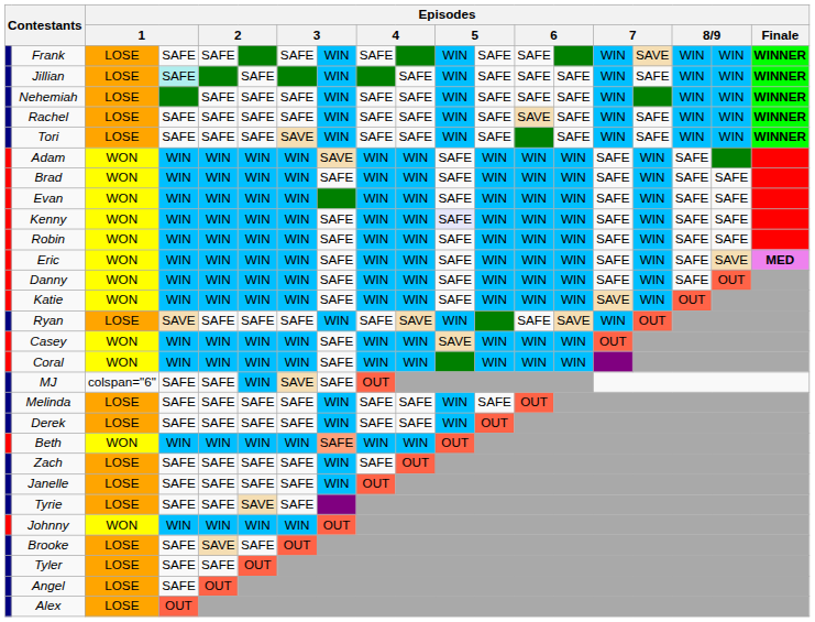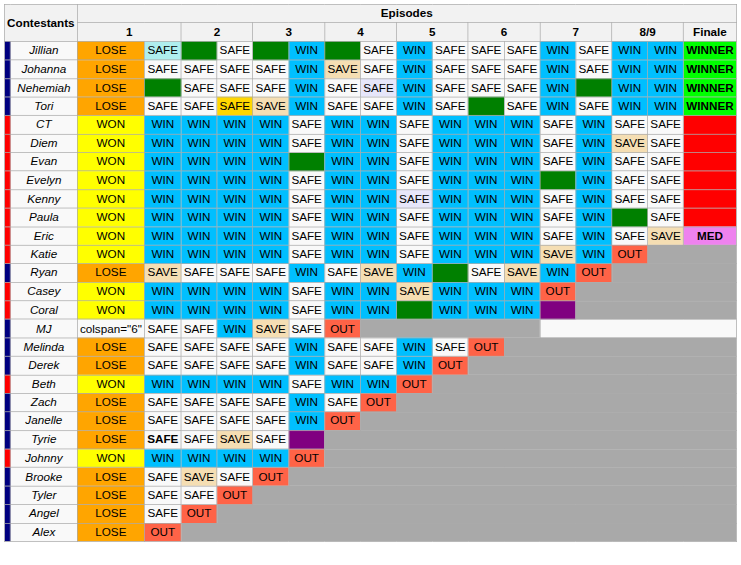 <table class="wikitable" style="text-align:center; font-size:100%;">
 <tr>
 <th rowspan=2 colspan=2>Contestants</th>
 <th colspan=17>Episodes</th>
 </tr>
 <tr>
 <th colspan=2>1</th>
 <th colspan=2>2</th>
 <th colspan=2>3</th>
 <th colspan=2>4</th>
 <th colspan=2>5</th>
 <th colspan=2>6</th>
 <th colspan=2>7</th>
 <th colspan=2>8/9</th>
 <th>Finale</th>
-</tr>
-<tr>
-<td bgcolor="navy"></td>
-<td><em>Frank</em></td>
-<td bgcolor="orange">LOSE</td>
-<td>SAFE</td>
-<td>SAFE</td>
-<td bgcolor="green"></td>
-<td>SAFE</td>
-<td bgcolor="deepskyblue">WIN</td>
-<td>SAFE</td>
-<td bgcolor="green"></td>
-<td bgcolor="deepskyblue">WIN</td>
-<td>SAFE</td>
-<td>SAFE</td>
-<td bgcolor="green"></td>
-<td bgcolor="deepskyblue">WIN</td>
-<td bgcolor="wheat">SAVE</td>
-<td bgcolor="deepskyblue">WIN</td>
-<td bgcolor="deepskyblue">WIN</td>
-<td bgcolor="lime"><strong>WINNER</strong></td>
 </tr>
 <tr>
 <td bgcolor="navy"></td>
 <td><em>Jillian</em></td>
 <td bgcolor="orange">LOSE</td>
 <td style="background: paleturquoise;">SAFE</td>
 <td bgcolor="green"></td>
 <td>SAFE</td>
 <td bgcolor="green"></td>
 <td bgcolor="deepskyblue">WIN</td>
 <td bgcolor="green"></td>
 <td>SAFE</td>
 <td bgcolor="deepskyblue">WIN</td>
 <td>SAFE</td>
 <td>SAFE</td>
 <td>SAFE</td>
 <td bgcolor="deepskyblue">WIN</td>
 <td>SAFE</td>
 <td bgcolor="deepskyblue">WIN</td>
 <td bgcolor="deepskyblue">WIN</td>
 <td bgcolor="lime"><strong>WINNER</strong></td>
 </tr>
 <tr>
 <td bgcolor="navy"></td>
+<td><em>Johanna</em></td>
+<td bgcolor="orange">LOSE</td>
+<td>SAFE</td>
+<td>SAFE</td>
+<td>SAFE</td>
+<td>SAFE</td>
+<td bgcolor="deepskyblue">WIN</td>
+<td bgcolor="wheat">SAVE</td>
+<td>SAFE</td>
+<td bgcolor="deepskyblue">WIN</td>
+<td>SAFE</td>
+<td>SAFE</td>
+<td>SAFE</td>
+<td bgcolor="deepskyblue">WIN</td>
+<td>SAFE</td>
+<td bgcolor="deepskyblue">WIN</td>
+<td bgcolor="deepskyblue">WIN</td>
+<td bgcolor="lime"><strong>WINNER</strong></td>
+</tr>
+<tr>
+<td bgcolor="navy"></td>
 <td><em>Nehemiah</em></td>
 <td bgcolor="orange">LOSE</td>
 <td bgcolor="green"></td>
 <td>SAFE</td>
 <td>SAFE</td>
 <td>SAFE</td>
 <td bgcolor="deepskyblue">WIN</td>
 <td>SAFE</td>
-<td>SAFE</td>
+<td style="background: lavender;">SAFE</td>
 <td bgcolor="deepskyblue">WIN</td>
 <td>SAFE</td>
 <td>SAFE</td>
 <td>SAFE</td>
 <td bgcolor="deepskyblue">WIN</td>
 <td bgcolor="green"></td>
 <td bgcolor="deepskyblue">WIN</td>
 <td bgcolor="deepskyblue">WIN</td>
 <td bgcolor="lime"><strong>WINNER</strong></td>
 </tr>
 <tr>
 <td bgcolor="navy"></td>
-<td><em>Rachel</em></td>
-<td bgcolor="orange">LOSE</td>
-<td>SAFE</td>
-<td>SAFE</td>
-<td>SAFE</td>
-<td>SAFE</td>
-<td bgcolor="deepskyblue">WIN</td>
-<td>SAFE</td>
-<td>SAFE</td>
-<td bgcolor="deepskyblue">WIN</td>
-<td>SAFE</td>
-<td bgcolor="wheat">SAVE</td>
-<td>SAFE</td>
-<td bgcolor="deepskyblue">WIN</td>
-<td>SAFE</td>
-<td bgcolor="deepskyblue">WIN</td>
-<td bgcolor="deepskyblue">WIN</td>
-<td bgcolor="lime"><strong>WINNER</strong></td>
-</tr>
-<tr>
-<td bgcolor="navy"></td>
 <td><em>Tori</em></td>
 <td bgcolor="orange">LOSE</td>
 <td>SAFE</td>
 <td>SAFE</td>
-<td>SAFE</td>
+<td style="background: gold;">SAFE</td>
 <td bgcolor="wheat">SAVE</td>
 <td bgcolor="deepskyblue">WIN</td>
 <td>SAFE</td>
 <td>SAFE</td>
 <td bgcolor="deepskyblue">WIN</td>
 <td>SAFE</td>
 <td bgcolor="green"></td>
 <td>SAFE</td>
 <td bgcolor="deepskyblue">WIN</td>
 <td>SAFE</td>
 <td bgcolor="deepskyblue">WIN</td>
 <td bgcolor="deepskyblue">WIN</td>
 <td bgcolor="lime"><strong>WINNER</strong></td>
 </tr>
 <tr>
 <td bgcolor="red"></td>
-<td><em>Adam</em></td>
-<td bgcolor="yellow">WON</td>
-<td bgcolor="deepskyblue">WIN</td>
-<td bgcolor="deepskyblue">WIN</td>
-<td bgcolor="deepskyblue">WIN</td>
-<td bgcolor="deepskyblue">WIN</td>
-<td bgcolor="wheat">SAVE</td>
-<td bgcolor="deepskyblue">WIN</td>
-<td bgcolor="deepskyblue">WIN</td>
-<td>SAFE</td>
-<td bgcolor="deepskyblue">WIN</td>
-<td bgcolor="deepskyblue">WIN</td>
-<td bgcolor="deepskyblue">WIN</td>
-<td>SAFE</td>
-<td bgcolor="deepskyblue">WIN</td>
-<td>SAFE</td>
-<td bgcolor="green"></td>
-<td bgcolor="red"><strong></strong></td>
-</tr>
-<tr>
-<td bgcolor="red"></td>
-<td><em>Brad</em></td>
+<td><em>CT</em></td>
 <td bgcolor="yellow">WON</td>
 <td bgcolor="deepskyblue">WIN</td>
 <td bgcolor="deepskyblue">WIN</td>
 <td bgcolor="deepskyblue">WIN</td>
 <td bgcolor="deepskyblue">WIN</td>
 <td>SAFE</td>
 <td bgcolor="deepskyblue">WIN</td>
 <td bgcolor="deepskyblue">WIN</td>
 <td>SAFE</td>
 <td bgcolor="deepskyblue">WIN</td>
 <td bgcolor="deepskyblue">WIN</td>
 <td bgcolor="deepskyblue">WIN</td>
 <td>SAFE</td>
 <td bgcolor="deepskyblue">WIN</td>
 <td>SAFE</td>
 <td>SAFE</td>
 <td bgcolor="red"><strong></strong></td>
 </tr>
 <tr>
 <td bgcolor="red"></td>
+<td><em>Diem</em></td>
+<td bgcolor="yellow">WON</td>
+<td bgcolor="deepskyblue">WIN</td>
+<td bgcolor="deepskyblue">WIN</td>
+<td bgcolor="deepskyblue">WIN</td>
+<td bgcolor="deepskyblue">WIN</td>
+<td>SAFE</td>
+<td bgcolor="deepskyblue">WIN</td>
+<td bgcolor="deepskyblue">WIN</td>
+<td>SAFE</td>
+<td bgcolor="deepskyblue">WIN</td>
+<td bgcolor="deepskyblue">WIN</td>
+<td bgcolor="deepskyblue">WIN</td>
+<td>SAFE</td>
+<td bgcolor="deepskyblue">WIN</td>
+<td bgcolor="wheat">SAVE</td>
+<td>SAFE</td>
+<td bgcolor="red"><strong></strong></td>
+</tr>
+<tr>
+<td bgcolor="red"></td>
 <td><em>Evan</em></td>
 <td bgcolor="yellow">WON</td>
 <td bgcolor="deepskyblue">WIN</td>
 <td bgcolor="deepskyblue">WIN</td>
 <td bgcolor="deepskyblue">WIN</td>
 <td bgcolor="deepskyblue">WIN</td>
 <td bgcolor="green"></td>
 <td bgcolor="deepskyblue">WIN</td>
 <td bgcolor="deepskyblue">WIN</td>
 <td>SAFE</td>
 <td bgcolor="deepskyblue">WIN</td>
 <td bgcolor="deepskyblue">WIN</td>
 <td bgcolor="deepskyblue">WIN</td>
 <td>SAFE</td>
+<td bgcolor="deepskyblue">WIN</td>
+<td>SAFE</td>
+<td>SAFE</td>
+<td bgcolor="red"><strong></strong></td>
+</tr>
+<tr>
+<td bgcolor="red"></td>
+<td><em>Evelyn</em></td>
+<td bgcolor="yellow">WON</td>
+<td bgcolor="deepskyblue">WIN</td>
+<td bgcolor="deepskyblue">WIN</td>
+<td bgcolor="deepskyblue">WIN</td>
+<td bgcolor="deepskyblue">WIN</td>
+<td>SAFE</td>
+<td bgcolor="deepskyblue">WIN</td>
+<td bgcolor="deepskyblue">WIN</td>
+<td>SAFE</td>
+<td bgcolor="deepskyblue">WIN</td>
+<td bgcolor="deepskyblue">WIN</td>
+<td bgcolor="deepskyblue">WIN</td>
+<td bgcolor="green"></td>
 <td bgcolor="deepskyblue">WIN</td>
 <td>SAFE</td>
 <td>SAFE</td>
 <td bgcolor="red"><strong></strong></td>
 </tr>
 <tr>
 <td bgcolor="red"></td>
 <td><em>Kenny</em></td>
 <td bgcolor="yellow">WON</td>
 <td bgcolor="deepskyblue">WIN</td>
 <td bgcolor="deepskyblue">WIN</td>
 <td bgcolor="deepskyblue">WIN</td>
 <td bgcolor="deepskyblue">WIN</td>
 <td>SAFE</td>
 <td bgcolor="deepskyblue">WIN</td>
 <td bgcolor="deepskyblue">WIN</td>
 <td style="background: lavender;">SAFE</td>
 <td bgcolor="deepskyblue">WIN</td>
 <td bgcolor="deepskyblue">WIN</td>
 <td bgcolor="deepskyblue">WIN</td>
 <td>SAFE</td>
 <td bgcolor="deepskyblue">WIN</td>
 <td>SAFE</td>
 <td>SAFE</td>
 <td bgcolor="red"><strong></strong></td>
 </tr>
 <tr>
 <td bgcolor="red"></td>
-<td><em>Robin</em></td>
+<td><em>Paula</em></td>
 <td bgcolor="yellow">WON</td>
 <td bgcolor="deepskyblue">WIN</td>
 <td bgcolor="deepskyblue">WIN</td>
 <td bgcolor="deepskyblue">WIN</td>
 <td bgcolor="deepskyblue">WIN</td>
 <td>SAFE</td>
 <td bgcolor="deepskyblue">WIN</td>
 <td bgcolor="deepskyblue">WIN</td>
 <td>SAFE</td>
 <td bgcolor="deepskyblue">WIN</td>
 <td bgcolor="deepskyblue">WIN</td>
 <td bgcolor="deepskyblue">WIN</td>
 <td>SAFE</td>
 <td bgcolor="deepskyblue">WIN</td>
-<td>SAFE</td>
+<td bgcolor="green"></td>
 <td>SAFE</td>
 <td bgcolor="red"><strong></strong></td>
 </tr>
 <tr>
 <td bgcolor="red"></td>
 <td><em>Eric</em></td>
 <td bgcolor="yellow">WON</td>
 <td bgcolor="deepskyblue">WIN</td>
 <td bgcolor="deepskyblue">WIN</td>
 <td bgcolor="deepskyblue">WIN</td>
 <td bgcolor="deepskyblue">WIN</td>
 <td>SAFE</td>
 <td bgcolor="deepskyblue">WIN</td>
 <td bgcolor="deepskyblue">WIN</td>
 <td>SAFE</td>
 <td bgcolor="deepskyblue">WIN</td>
 <td bgcolor="deepskyblue">WIN</td>
 <td bgcolor="deepskyblue">WIN</td>
 <td>SAFE</td>
 <td bgcolor="deepskyblue">WIN</td>
 <td>SAFE</td>
 <td bgcolor="wheat">SAVE</td>
 <td bgcolor="violet"><strong>MED</strong></td>
-</tr>
-<tr>
-<td bgcolor="red"></td>
-<td><em>Danny</em></td>
-<td bgcolor="yellow">WON</td>
-<td bgcolor="deepskyblue">WIN</td>
-<td bgcolor="deepskyblue">WIN</td>
-<td bgcolor="deepskyblue">WIN</td>
-<td bgcolor="deepskyblue">WIN</td>
-<td>SAFE</td>
-<td bgcolor="deepskyblue">WIN</td>
-<td bgcolor="deepskyblue">WIN</td>
-<td>SAFE</td>
-<td bgcolor="deepskyblue">WIN</td>
-<td bgcolor="deepskyblue">WIN</td>
-<td bgcolor="deepskyblue">WIN</td>
-<td>SAFE</td>
-<td bgcolor="deepskyblue">WIN</td>
-<td>SAFE</td>
-<td bgcolor="tomato">OUT</td>
-<td colspan="1" style="background:darkgray"></td>
 </tr>
 <tr>
 <td bgcolor="red"></td>
 <td><em>Katie</em></td>
 <td bgcolor="yellow">WON</td>
 <td bgcolor="deepskyblue">WIN</td>
 <td bgcolor="deepskyblue">WIN</td>
 <td bgcolor="deepskyblue">WIN</td>
 <td bgcolor="deepskyblue">WIN</td>
 <td>SAFE</td>
 <td bgcolor="deepskyblue">WIN</td>
 <td bgcolor="deepskyblue">WIN</td>
 <td>SAFE</td>
 <td bgcolor="deepskyblue">WIN</td>
 <td bgcolor="deepskyblue">WIN</td>
 <td bgcolor="deepskyblue">WIN</td>
 <td bgcolor="wheat">SAVE</td>
 <td bgcolor="deepskyblue">WIN</td>
 <td bgcolor="tomato">OUT</td>
 <td colspan="2" style="background:darkgray"></td>
 </tr>
 <tr>
 <td bgcolor="navy"></td>
 <td><em>Ryan</em></td>
 <td bgcolor="orange">LOSE</td>
 <td bgcolor="wheat">SAVE</td>
 <td>SAFE</td>
 <td>SAFE</td>
 <td>SAFE</td>
 <td bgcolor="deepskyblue">WIN</td>
 <td>SAFE</td>
 <td bgcolor="wheat">SAVE</td>
 <td bgcolor="deepskyblue">WIN</td>
 <td bgcolor="green"></td>
 <td>SAFE</td>
 <td bgcolor="wheat">SAVE</td>
 <td bgcolor="deepskyblue">WIN</td>
 <td bgcolor="tomato">OUT</td>
 <td colspan="3" style="background:darkgray"></td>
 </tr>
 <tr>
 <td bgcolor="red"></td>
 <td><em>Casey</em></td>
 <td bgcolor="yellow">WON</td>
 <td bgcolor="deepskyblue">WIN</td>
 <td bgcolor="deepskyblue">WIN</td>
 <td bgcolor="deepskyblue">WIN</td>
 <td bgcolor="deepskyblue">WIN</td>
 <td>SAFE</td>
 <td bgcolor="deepskyblue">WIN</td>
 <td bgcolor="deepskyblue">WIN</td>
 <td bgcolor="wheat">SAVE</td>
 <td bgcolor="deepskyblue">WIN</td>
 <td bgcolor="deepskyblue">WIN</td>
 <td bgcolor="deepskyblue">WIN</td>
 <td bgcolor="tomato">OUT</td>
 <td colspan="4" style="background:darkgray"></td>
 </tr>
 <tr>
 <td bgcolor="red"></td>
 <td><em>Coral</em></td>
 <td bgcolor="yellow">WON</td>
 <td bgcolor="deepskyblue">WIN</td>
 <td bgcolor="deepskyblue">WIN</td>
 <td bgcolor="deepskyblue">WIN</td>
 <td bgcolor="deepskyblue">WIN</td>
 <td>SAFE</td>
 <td bgcolor="deepskyblue">WIN</td>
 <td bgcolor="deepskyblue">WIN</td>
 <td bgcolor="green"></td>
 <td bgcolor="deepskyblue">WIN</td>
 <td bgcolor="deepskyblue">WIN</td>
 <td bgcolor="deepskyblue">WIN</td>
 <td bgcolor="purple"></td>
 <td colspan="4" style="background:darkgray"></td>
 </tr>
 <tr>
 <td bgcolor="navy"></td>
 <td><em>MJ</em></td>
 <td>colspan="6" </td>
 <td>SAFE</td>
 <td>SAFE</td>
 <td bgcolor="deepskyblue">WIN</td>
 <td bgcolor="wheat">SAVE</td>
 <td>SAFE</td>
 <td bgcolor="tomato">OUT</td>
 <td colspan="5" style="background:darkgray"></td>
 </tr>
 <tr>
 <td bgcolor="navy"></td>
 <td><em>Melinda</em></td>
 <td bgcolor="orange">LOSE</td>
 <td>SAFE</td>
 <td>SAFE</td>
 <td>SAFE</td>
 <td>SAFE</td>
 <td bgcolor="deepskyblue">WIN</td>
 <td>SAFE</td>
 <td>SAFE</td>
 <td bgcolor="deepskyblue">WIN</td>
 <td>SAFE</td>
 <td bgcolor="tomato">OUT</td>
 <td colspan="6" style="background:darkgray"></td>
 </tr>
 <tr>
 <td bgcolor="navy"></td>
 <td><em>Derek</em></td>
 <td bgcolor="orange">LOSE</td>
 <td>SAFE</td>
 <td>SAFE</td>
 <td>SAFE</td>
 <td>SAFE</td>
 <td bgcolor="deepskyblue">WIN</td>
 <td>SAFE</td>
 <td>SAFE</td>
 <td bgcolor="deepskyblue">WIN</td>
 <td bgcolor="tomato">OUT</td>
 <td colspan="7" style="background:darkgray"></td>
 </tr>
 <tr>
 <td bgcolor="red"></td>
 <td><em>Beth</em></td>
 <td bgcolor="yellow">WON</td>
 <td bgcolor="deepskyblue">WIN</td>
 <td bgcolor="deepskyblue">WIN</td>
 <td bgcolor="deepskyblue">WIN</td>
 <td bgcolor="deepskyblue">WIN</td>
-<td style="background: lightsalmon;">SAFE</td>
+<td>SAFE</td>
 <td bgcolor="deepskyblue">WIN</td>
 <td bgcolor="deepskyblue">WIN</td>
 <td bgcolor="tomato">OUT</td>
 <td colspan="8" style="background:darkgray"></td>
 </tr>
 <tr>
 <td bgcolor="navy"></td>
 <td><em>Zach</em></td>
 <td bgcolor="orange">LOSE</td>
 <td>SAFE</td>
 <td>SAFE</td>
 <td>SAFE</td>
 <td>SAFE</td>
 <td bgcolor="deepskyblue">WIN</td>
 <td>SAFE</td>
 <td bgcolor="tomato">OUT</td>
 <td colspan="9" style="background:darkgray"></td>
 </tr>
 <tr>
 <td bgcolor="navy"></td>
 <td><em>Janelle</em></td>
 <td bgcolor="orange">LOSE</td>
 <td>SAFE</td>
 <td>SAFE</td>
 <td>SAFE</td>
 <td>SAFE</td>
 <td bgcolor="deepskyblue">WIN</td>
 <td bgcolor="tomato">OUT</td>
 <td colspan="10" style="background:darkgray"></td>
 </tr>
 <tr>
 <td bgcolor="navy"></td>
 <td><em>Tyrie</em></td>
 <td bgcolor="orange">LOSE</td>
-<td>SAFE</td>
+<td><strong>SAFE</strong></td>
 <td>SAFE</td>
 <td bgcolor="wheat">SAVE</td>
 <td>SAFE</td>
 <td bgcolor="purple"></td>
 <td colspan="11" style="background:darkgray"></td>
 </tr>
 <tr>
 <td bgcolor="red"></td>
 <td><em>Johnny</em></td>
 <td bgcolor="yellow">WON</td>
 <td bgcolor="deepskyblue">WIN</td>
 <td bgcolor="deepskyblue">WIN</td>
 <td bgcolor="deepskyblue">WIN</td>
 <td bgcolor="deepskyblue">WIN</td>
 <td bgcolor="tomato">OUT</td>
 <td colspan="11" style="background:darkgray"></td>
 </tr>
 <tr>
 <td bgcolor="navy"></td>
 <td><em>Brooke</em></td>
 <td bgcolor="orange">LOSE</td>
 <td>SAFE</td>
 <td bgcolor="wheat">SAVE</td>
 <td>SAFE</td>
 <td bgcolor="tomato">OUT</td>
 <td colspan="12" style="background:darkgray"></td>
 </tr>
 <tr>
 <td bgcolor="navy"></td>
 <td><em>Tyler</em></td>
 <td bgcolor="orange">LOSE</td>
 <td>SAFE</td>
 <td>SAFE</td>
 <td bgcolor="tomato">OUT</td>
 <td colspan="13" style="background:darkgray"></td>
 </tr>
 <tr>
 <td bgcolor="navy"></td>
 <td><em>Angel</em></td>
 <td bgcolor="orange">LOSE</td>
 <td>SAFE</td>
 <td bgcolor="tomato">OUT</td>
 <td colspan="14" style="background:darkgray"></td>
 </tr>
 <tr>
 <td bgcolor="navy"></td>
 <td><em>Alex</em></td>
 <td bgcolor="orange">LOSE</td>
 <td bgcolor="tomato">OUT</td>
 <td colspan="15" style="background:darkgray"></td>
 </tr>
 </table>
